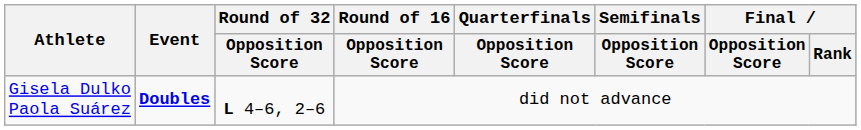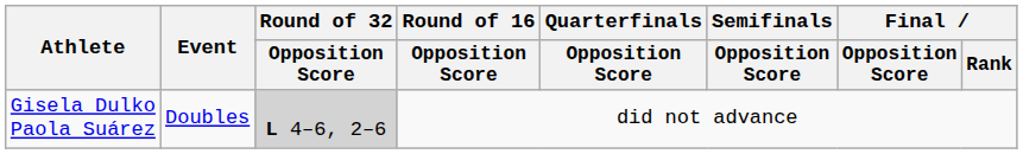 <table class=wikitable style="font-size:90%">
 <tr>
 <th rowspan="2">Athlete</th>
 <th rowspan="2">Event</th>
 <th>Round of 32</th>
 <th>Round of 16</th>
 <th>Quarterfinals</th>
 <th>Semifinals</th>
 <th colspan=2>Final / </th>
 </tr>
 <tr style="font-size:95%">
 <th>Opposition<br>Score</th>
 <th>Opposition<br>Score</th>
 <th>Opposition<br>Score</th>
 <th>Opposition<br>Score</th>
 <th>Opposition<br>Score</th>
 <th>Rank</th>
 </tr>
 <tr align=center>
 <td align=left><a href='#'>Gisela Dulko</a><br><a href='#'>Paola Suárez</a></td>
-<td align=left><strong><a href='#'>Doubles</a></strong></td>
-<td> <br><strong>L</strong> 4–6, 2–6</td>
+<td align=left><a href='#'>Doubles</a></td>
+<td style="background: lightgrey;"> <br><strong>L</strong> 4–6, 2–6</td>
 <td colspan=5>did not advance</td>
 </tr>
 </table>
